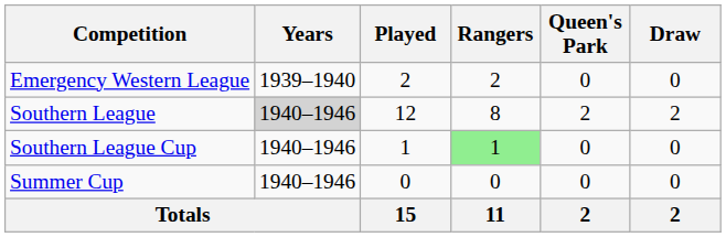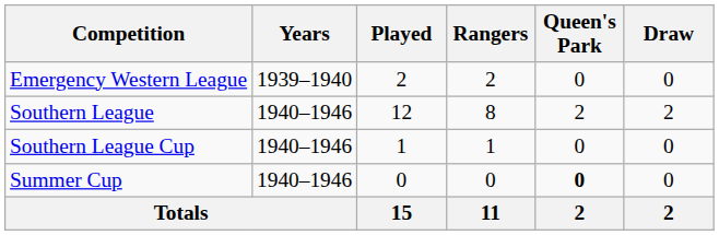 <table class="wikitable sortable" style="text-align:center font-size:80%">
 <tr>
 <th>Competition</th>
 <th>Years</th>
 <th width=60>Played</th>
 <th width=60>Rangers</th>
 <th width=60>Queen's Park</th>
 <th width=60>Draw</th>
 </tr>
 <tr>
 <td align=left><a href='#'>Emergency Western League</a></td>
 <td align=center>1939–1940</td>
 <td align=center>2</td>
 <td align=center>2</td>
 <td align=center>0</td>
 <td align=center>0</td>
 </tr>
 <tr>
 <td align=left><a href='#'>Southern League</a></td>
-<td align=center style="background: lightgrey;">1940–1946</td>
+<td align=center>1940–1946</td>
 <td align=center>12</td>
 <td align=center>8</td>
 <td align=center>2</td>
 <td align=center>2</td>
 </tr>
 <tr>
 <td align=left><a href='#'>Southern League Cup</a></td>
 <td align=center>1940–1946</td>
 <td align=center>1</td>
-<td align=center style="background: lightgreen;">1</td>
+<td align=center>1</td>
 <td align=center>0</td>
 <td align=center>0</td>
 </tr>
 <tr>
 <td align=left><a href='#'>Summer Cup</a></td>
 <td align=center>1940–1946</td>
 <td align=center>0</td>
 <td align=center>0</td>
-<td align=center>0</td>
+<td align=center><strong>0</strong></td>
 <td align=center>0</td>
 </tr>
 <tr class="sortbottom">
 <th colspan=2 align=left>Totals</th>
 <th>15</th>
 <th>11</th>
 <th>2</th>
 <th>2</th>
 </tr>
 </table>
